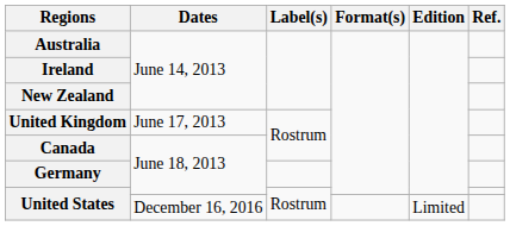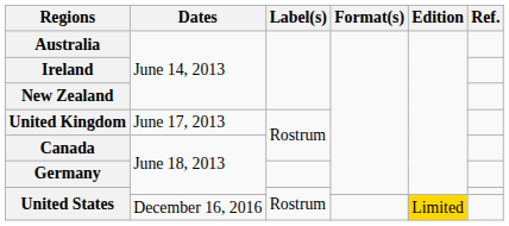 <table class="wikitable plainrowheaders">
 <tr>
 <th scope="col">Regions</th>
 <th scope="col">Dates</th>
 <th scope="col">Label(s)</th>
 <th scope="col">Format(s)</th>
 <th scope="col">Edition</th>
 <th scope="col">Ref.</th>
 </tr>
 <tr>
 <th scope="row">Australia</th>
 <td rowspan="3">June 14, 2013</td>
 <td rowspan="3"></td>
 <td rowspan="7"></td>
 <td rowspan="7"></td>
 <td></td>
 </tr>
 <tr>
 <th scope="row">Ireland</th>
 <td></td>
 </tr>
 <tr>
 <th scope="row">New Zealand</th>
 <td></td>
 </tr>
 <tr>
 <th scope="row">United Kingdom</th>
 <td>June 17, 2013</td>
 <td rowspan="2">Rostrum</td>
 <td></td>
 </tr>
 <tr>
 <th scope="row">Canada</th>
 <td rowspan="3">June 18, 2013</td>
 <td></td>
 </tr>
 <tr>
 <th scope="row">Germany</th>
 <td></td>
 <td></td>
 </tr>
 <tr>
 <th scope="row" rowspan="2">United States</th>
 <td rowspan="2">Rostrum</td>
 <td></td>
 </tr>
 <tr>
 <td>December 16, 2016</td>
 <td></td>
-<td>Limited</td>
+<td style="background: gold;">Limited</td>
 <td></td>
 </tr>
 </table>
